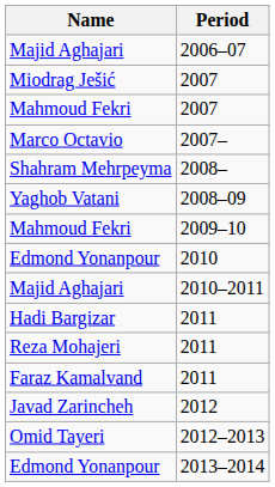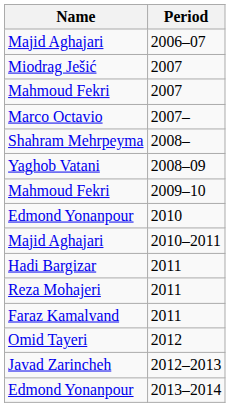 <table class="wikitable">
 <tr>
 <th>Name</th>
 <th>Period</th>
 </tr>
 <tr>
 <td> <a href='#'>Majid Aghajari</a></td>
 <td>2006–07</td>
 </tr>
 <tr>
 <td> <a href='#'>Miodrag Ješić</a></td>
 <td>2007</td>
 </tr>
 <tr>
 <td> <a href='#'>Mahmoud Fekri</a></td>
 <td>2007</td>
 </tr>
 <tr>
 <td> <a href='#'>Marco Octavio</a></td>
 <td>2007–</td>
 </tr>
 <tr>
 <td> <a href='#'>Shahram Mehrpeyma</a></td>
 <td>2008–</td>
 </tr>
 <tr>
 <td> <a href='#'>Yaghob Vatani</a></td>
 <td>2008–09</td>
 </tr>
 <tr>
 <td> <a href='#'>Mahmoud Fekri</a></td>
 <td>2009–10</td>
 </tr>
 <tr>
 <td> <a href='#'>Edmond Yonanpour</a></td>
 <td>2010</td>
 </tr>
 <tr>
 <td> <a href='#'>Majid Aghajari</a></td>
 <td>2010–2011</td>
 </tr>
 <tr>
 <td> <a href='#'>Hadi Bargizar</a></td>
 <td>2011</td>
 </tr>
 <tr>
 <td> <a href='#'>Reza Mohajeri</a></td>
 <td>2011</td>
 </tr>
 <tr>
 <td> <a href='#'>Faraz Kamalvand</a></td>
 <td>2011</td>
 </tr>
 <tr>
-<td> <a href='#'>Javad Zarincheh</a></td>
+<td> <a href='#'>Omid Tayeri</a></td>
 <td>2012</td>
 </tr>
 <tr>
-<td> <a href='#'>Omid Tayeri</a></td>
+<td> <a href='#'>Javad Zarincheh</a></td>
 <td>2012–2013</td>
 </tr>
 <tr>
 <td> <a href='#'>Edmond Yonanpour</a></td>
 <td>2013–2014</td>
 </tr>
 </table>
